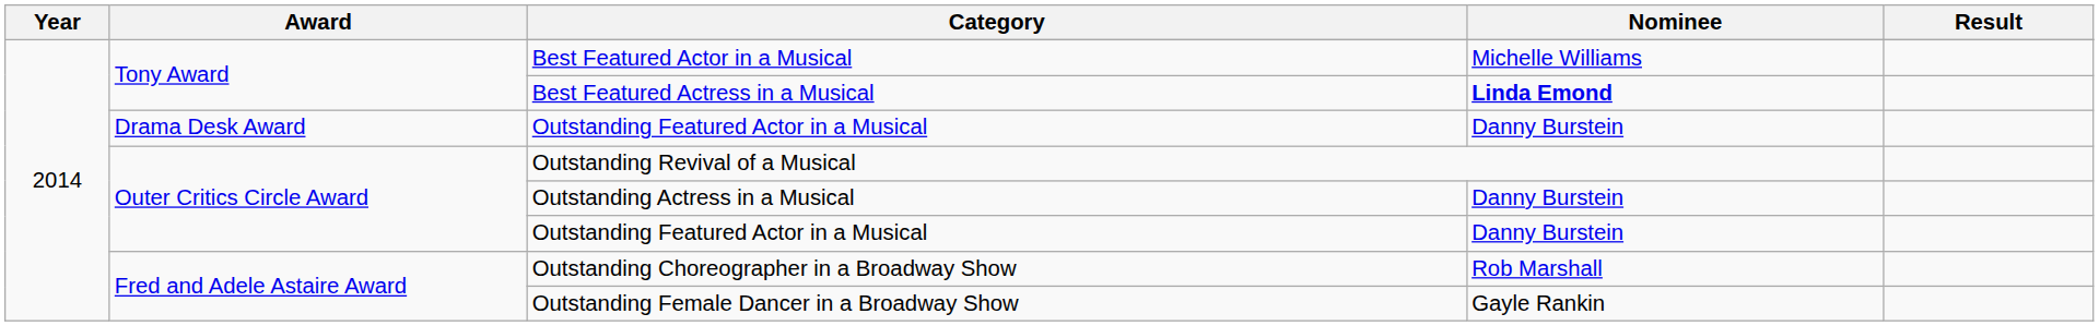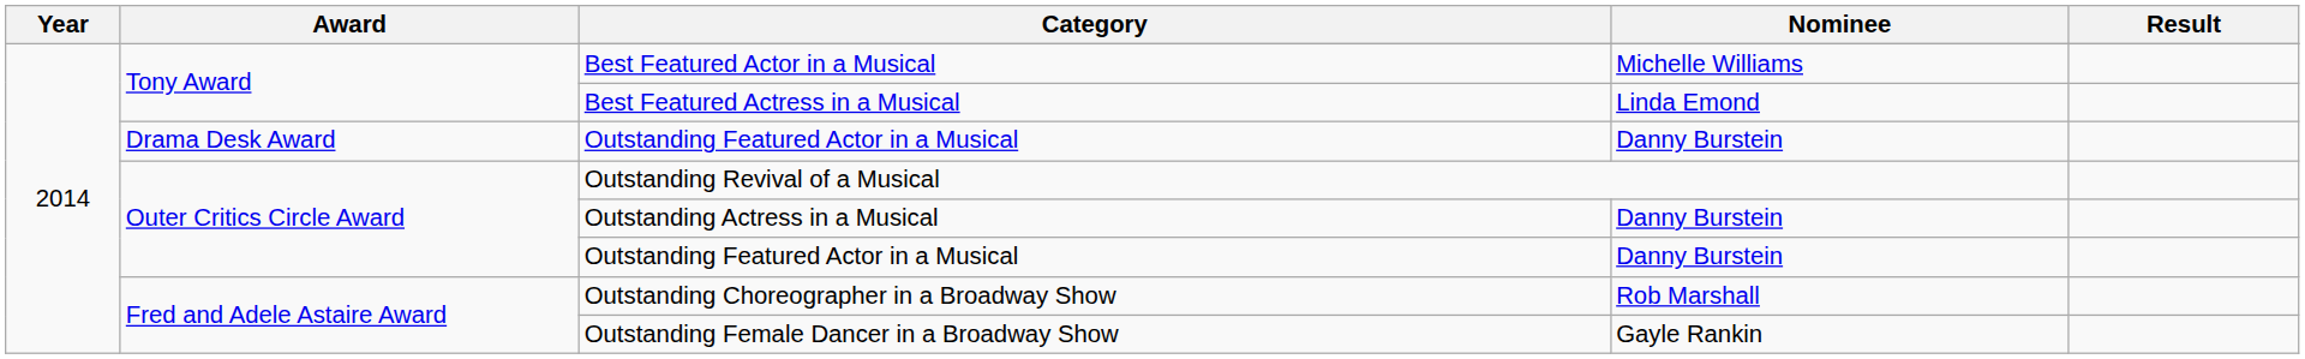 <table class="wikitable" style="width:95%;">
 <tr>
 <th style="width:5%;">Year</th>
 <th style="width:20%;">Award</th>
 <th style="width:45%;">Category</th>
 <th style="width:20%;">Nominee</th>
 <th style="width:10%;">Result</th>
 </tr>
 <tr>
 <td rowspan="9" style="text-align:center;">2014</td>
 <td rowspan="3"><a href='#'>Tony Award</a></td>
 </tr>
 <tr>
 <td><a href='#'>Best Featured Actor in a Musical</a></td>
 <td><a href='#'>Michelle Williams</a></td>
 <td></td>
 </tr>
 <tr>
 <td><a href='#'>Best Featured Actress in a Musical</a></td>
-<td><strong><a href='#'>Linda Emond</a></strong></td>
+<td><a href='#'>Linda Emond</a></td>
 <td></td>
 </tr>
 <tr>
 <td><a href='#'>Drama Desk Award</a></td>
 <td><a href='#'>Outstanding Featured Actor in a Musical</a></td>
 <td><a href='#'>Danny Burstein</a></td>
 <td></td>
 </tr>
 <tr>
 <td rowspan="3"><a href='#'>Outer Critics Circle Award</a></td>
 <td colspan="2">Outstanding Revival of a Musical</td>
 <td></td>
 </tr>
 <tr>
 <td>Outstanding Actress in a Musical</td>
 <td><a href='#'>Danny Burstein</a></td>
 <td></td>
 </tr>
 <tr>
 <td>Outstanding Featured Actor in a Musical</td>
 <td><a href='#'>Danny Burstein</a></td>
 <td></td>
 </tr>
 <tr>
 <td rowspan="2"><a href='#'>Fred and Adele Astaire Award</a></td>
 <td>Outstanding Choreographer in a Broadway Show</td>
 <td><a href='#'>Rob Marshall</a></td>
 <td></td>
 </tr>
 <tr>
 <td>Outstanding Female Dancer in a Broadway Show</td>
 <td>Gayle Rankin</td>
 <td></td>
 </tr>
 </table>
